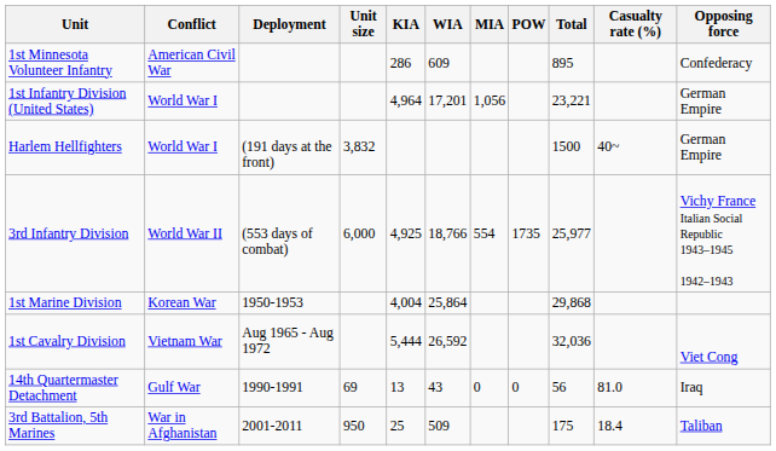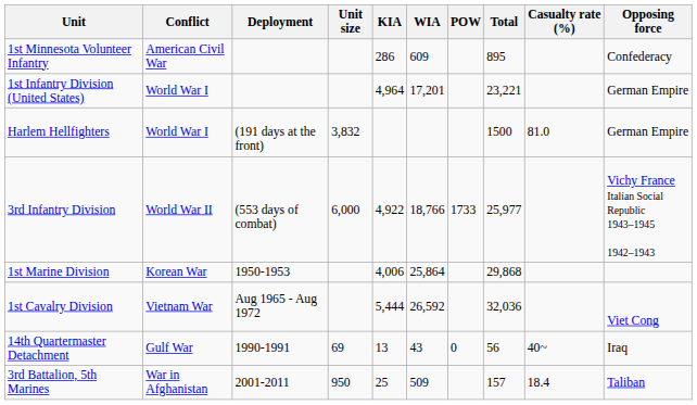 <table class="wikitable sortable">
 <tr>
 <th>Unit</th>
 <th>Conflict</th>
 <th>Deployment</th>
 <th>Unit size</th>
 <th data-sort-type="number">KIA</th>
 <th data-sort-type="number">WIA</th>
-<th data-sort-type="number">MIA</th>
 <th data-sort-type="number">POW</th>
 <th data-sort-type="number">Total</th>
 <th>Casualty rate (%)</th>
 <th>Opposing force</th>
 </tr>
 <tr>
 <td><a href='#'>1st Minnesota Volunteer Infantry</a></td>
 <td><a href='#'>American Civil War</a></td>
 <td></td>
 <td></td>
 <td>286</td>
 <td>609</td>
 <td></td>
-<td></td>
 <td>895</td>
 <td></td>
 <td> Confederacy</td>
 </tr>
 <tr>
 <td><a href='#'>1st Infantry Division (United States)</a></td>
 <td><a href='#'>World War I</a></td>
 <td><br></td>
 <td></td>
 <td>4,964</td>
 <td>17,201</td>
-<td>1,056</td>
 <td></td>
 <td>23,221</td>
 <td></td>
 <td> German Empire</td>
 </tr>
 <tr>
 <td><a href='#'>Harlem Hellfighters</a></td>
 <td><a href='#'>World War I</a></td>
 <td><br>(191 days at the front)</td>
 <td>3,832 </td>
 <td></td>
 <td></td>
 <td></td>
-<td></td>
 <td>1500 </td>
-<td>40~</td>
+<td>81.0</td>
 <td> German Empire</td>
 </tr>
 <tr>
 <td><a href='#'>3rd Infantry Division</a></td>
 <td><a href='#'>World War II</a></td>
 <td><br>(553 days of combat)</td>
 <td>6,000</td>
-<td>4,925</td>
+<td>4,922</td>
 <td>18,766</td>
-<td>554</td>
-<td>1735</td>
+<td>1733</td>
 <td>25,977</td>
 <td></td>
 <td><br> <a href='#'>Vichy France</a><br> <small>Italian Social Republic <br>1943–1945</small><br> <br><small>1942–1943</small></td>
 </tr>
 <tr>
 <td><a href='#'>1st Marine Division</a></td>
 <td><a href='#'>Korean War</a></td>
 <td>1950-1953</td>
 <td></td>
-<td>4,004</td>
+<td>4,006</td>
 <td>25,864</td>
-<td></td>
 <td></td>
 <td>29,868</td>
 <td></td>
 <td><br></td>
 </tr>
 <tr>
 <td><a href='#'>1st Cavalry Division</a></td>
 <td><a href='#'>Vietnam War</a></td>
 <td>Aug 1965 - Aug 1972 </td>
 <td></td>
 <td>5,444</td>
 <td>26,592</td>
 <td></td>
-<td></td>
 <td>32,036 </td>
 <td></td>
 <td><br><br> <a href='#'>Viet Cong</a></td>
 </tr>
 <tr>
 <td><a href='#'>14th Quartermaster Detachment</a></td>
 <td><a href='#'>Gulf War</a></td>
 <td>1990-1991</td>
 <td>69</td>
 <td>13</td>
 <td>43</td>
 <td>0</td>
-<td>0</td>
 <td>56</td>
-<td>81.0</td>
+<td>40~</td>
 <td> Iraq</td>
 </tr>
 <tr>
 <td><a href='#'>3rd Battalion, 5th Marines</a></td>
 <td><a href='#'>War in Afghanistan</a></td>
 <td>2001-2011</td>
 <td>950</td>
 <td>25</td>
 <td>509</td>
 <td></td>
-<td></td>
-<td>175 </td>
+<td>157 </td>
 <td>18.4</td>
 <td> <a href='#'>Taliban</a></td>
 </tr>
 </table>
